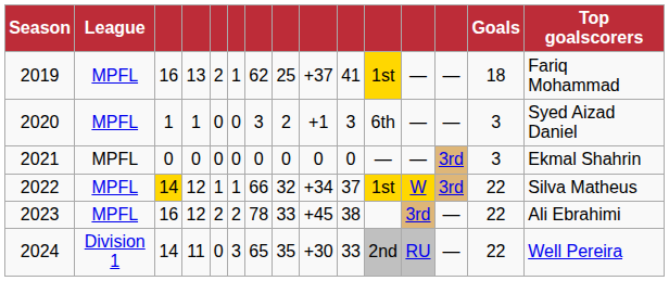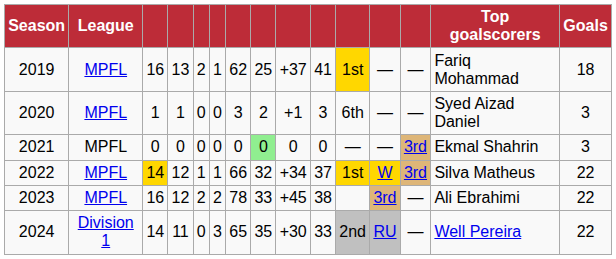 <table class="wikitable sortable" style="text-align:center;">
 <tr>
 <th style="background-color:#bd2c38; color:white;">Season</th>
 <th style="background-color:#bd2c38; color:white;">League</th>
 <th style="background-color:#bd2c38; color:white;"></th>
 <th style="background-color:#bd2c38; color:white;"></th>
 <th style="background-color:#bd2c38; color:white;"></th>
 <th style="background-color:#bd2c38; color:white;"></th>
 <th style="background-color:#bd2c38; color:white;"></th>
 <th style="background-color:#bd2c38; color:white;"></th>
 <th style="background-color:#bd2c38; color:white;"></th>
 <th style="background-color:#bd2c38; color:white;"></th>
 <th style="background-color:#bd2c38; color:white;"></th>
 <th style="background-color:#bd2c38; color:white;"></th>
 <th style="background-color:#bd2c38; color:white;"></th>
+<th style="background-color:#bd2c38; color:white;">Top goalscorers</th>
 <th style="background-color:#bd2c38; color:white;">Goals</th>
-<th style="background-color:#bd2c38; color:white;">Top goalscorers</th>
 </tr>
 <tr>
 <td>2019</td>
 <td><a href='#'>MPFL</a></td>
 <td>16</td>
 <td>13</td>
 <td>2</td>
 <td>1</td>
 <td>62</td>
 <td>25</td>
 <td>+37</td>
 <td>41</td>
 <td style="background:gold;">1st</td>
 <td>—</td>
 <td>—</td>
+<td align=left> Fariq Mohammad</td>
 <td>18</td>
-<td align=left> Fariq Mohammad</td>
 </tr>
 <tr>
 <td>2020</td>
 <td><a href='#'>MPFL</a></td>
 <td>1</td>
 <td>1</td>
 <td>0</td>
 <td>0</td>
 <td>3</td>
 <td>2</td>
 <td>+1</td>
 <td>3</td>
 <td>6th</td>
 <td>—</td>
 <td>—</td>
+<td align=left> Syed Aizad Daniel</td>
 <td>3</td>
-<td align=left> Syed Aizad Daniel</td>
 </tr>
 <tr>
 <td>2021</td>
 <td>MPFL</td>
 <td>0</td>
 <td>0</td>
 <td>0</td>
 <td>0</td>
 <td>0</td>
-<td>0</td>
+<td style="background: lightgreen;">0</td>
 <td>0</td>
 <td>0</td>
 <td>—</td>
 <td>—</td>
 <td style="background:#deb678;"><a href='#'>3rd</a></td>
+<td align=left> Ekmal Shahrin</td>
 <td>3</td>
-<td align=left> Ekmal Shahrin</td>
 </tr>
 <tr>
 <td>2022</td>
 <td><a href='#'>MPFL</a></td>
 <td style="background: gold;">14</td>
 <td>12</td>
 <td>1</td>
 <td>1</td>
 <td>66</td>
 <td>32</td>
 <td>+34</td>
 <td>37</td>
 <td style="background:gold;">1st</td>
 <td style="background:gold;"><a href='#'>W</a></td>
 <td style="background:#deb678;"><a href='#'>3rd</a></td>
+<td align=left> Silva Matheus</td>
 <td>22</td>
-<td align=left> Silva Matheus</td>
 </tr>
 <tr>
 <td>2023</td>
 <td><a href='#'>MPFL</a></td>
 <td>16</td>
 <td>12</td>
 <td>2</td>
 <td>2</td>
 <td>78</td>
 <td>33</td>
 <td>+45</td>
 <td>38</td>
 <td></td>
 <td style="background:#deb678;"><a href='#'>3rd</a></td>
 <td>—</td>
+<td align=left> Ali Ebrahimi</td>
 <td>22</td>
-<td align=left> Ali Ebrahimi</td>
 </tr>
 <tr>
 <td>2024</td>
 <td><a href='#'>Division 1</a></td>
 <td>14</td>
 <td>11</td>
 <td>0</td>
 <td>3</td>
 <td>65</td>
 <td>35</td>
 <td>+30</td>
 <td>33</td>
 <td bgcolor=silver>2nd</td>
 <td bgcolor=silver><a href='#'>RU</a></td>
 <td>—</td>
+<td align=left> <a href='#'>Well Pereira</a></td>
 <td>22</td>
-<td align=left> <a href='#'>Well Pereira</a></td>
 </tr>
 </table>
